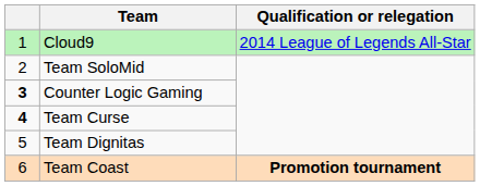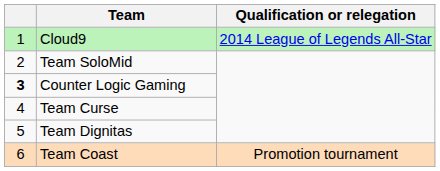 <table class="wikitable" style="text-align:center">
 <tr>
 <th width=28></th>
 <th width=190>Team</th>
 <th>Qualification or relegation</th>
 </tr>
 <tr style="background-color:#BBF3BB;">
 <td>1</td>
 <td style="text-align:left">Cloud9</td>
 <td><a href='#'>2014 League of Legends All-Star</a></td>
 </tr>
 <tr>
 <td>2</td>
 <td style="text-align:left">Team SoloMid</td>
 <td rowspan="4"></td>
 </tr>
 <tr>
 <td><strong>3</strong></td>
 <td style="text-align:left">Counter Logic Gaming</td>
 </tr>
 <tr>
-<td><strong>4</strong></td>
+<td>4</td>
 <td style="text-align:left">Team Curse</td>
 </tr>
 <tr>
 <td>5</td>
 <td style="text-align:left">Team Dignitas</td>
 </tr>
 <tr style="background-color:#FEDCBA;">
 <td>6</td>
 <td style="text-align:left">Team Coast</td>
-<td><strong>Promotion tournament</strong></td>
+<td>Promotion tournament</td>
 </tr>
 </table>
